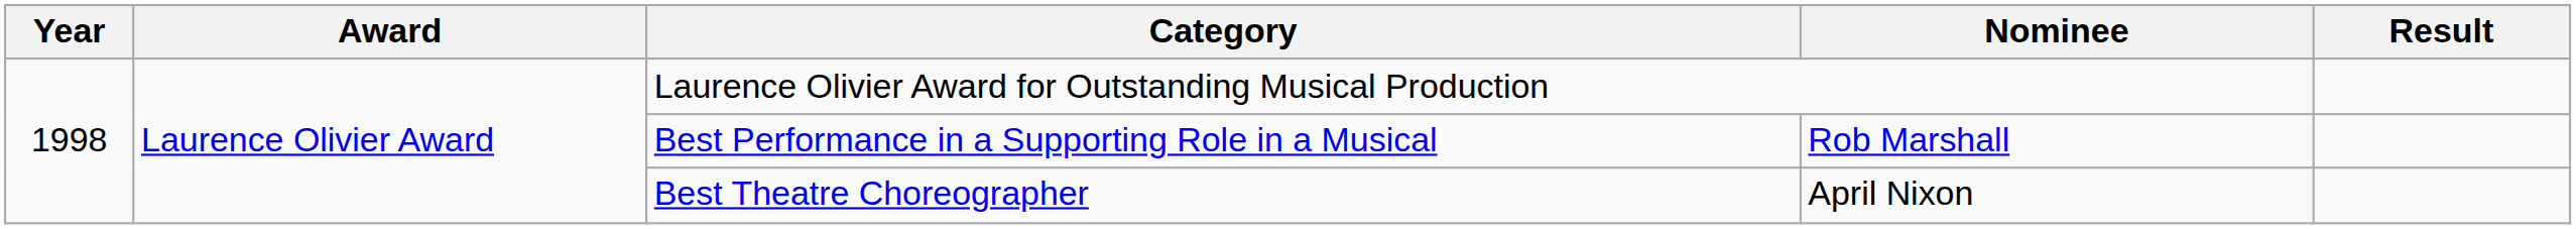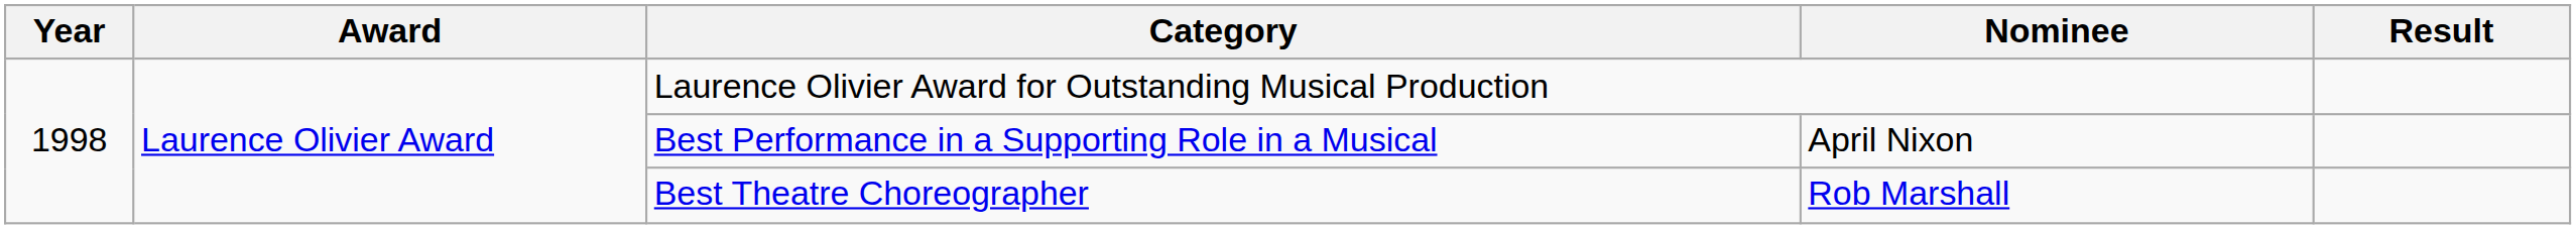 <table class="wikitable" width="95%">
 <tr>
 <th width="5%">Year</th>
 <th width="20%">Award</th>
 <th width="45%">Category</th>
 <th width="20%">Nominee</th>
 <th width="10%">Result</th>
 </tr>
 <tr>
 <td rowspan="3" align="center">1998</td>
 <td rowspan="3"><a href='#'>Laurence Olivier Award</a></td>
 <td colspan="2">Laurence Olivier Award for Outstanding Musical Production</td>
 <td></td>
 </tr>
 <tr>
 <td><a href='#'>Best Performance in a Supporting Role in a Musical</a></td>
-<td><a href='#'>Rob Marshall</a></td>
+<td>April Nixon</td>
 <td></td>
 </tr>
 <tr>
 <td><a href='#'>Best Theatre Choreographer</a></td>
-<td>April Nixon</td>
+<td><a href='#'>Rob Marshall</a></td>
 <td></td>
 </tr>
 </table>
